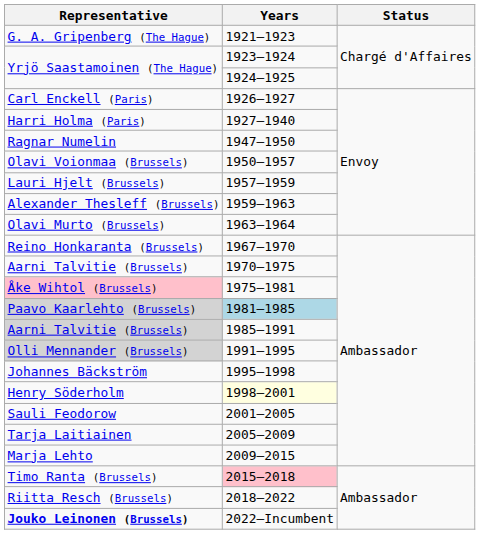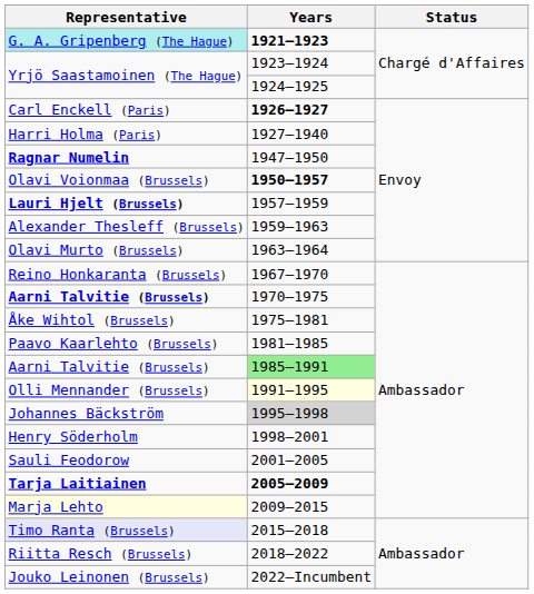 <table class="wikitable sortable">
 <tr>
 <th>Representative</th>
 <th>Years</th>
 <th>Status</th>
 </tr>
 <tr>
-<td><a href='#'>G. A. Gripenberg</a> <small>(<a href='#'>The Hague</a>)</small></td>
-<td>1921–1923</td>
+<td style="background: paleturquoise;"><a href='#'>G. A. Gripenberg</a> <small>(<a href='#'>The Hague</a>)</small></td>
+<td><strong>1921–1923</strong></td>
 <td rowspan="3">Chargé d'Affaires</td>
 </tr>
 <tr>
 <td rowspan="2"><a href='#'>Yrjö Saastamoinen</a> <small>(<a href='#'>The Hague</a>)</small></td>
 <td>1923–1924</td>
 </tr>
 <tr>
 <td>1924–1925</td>
 </tr>
 <tr>
 <td><a href='#'>Carl Enckell</a> <small>(<a href='#'>Paris</a>)</small></td>
-<td>1926–1927</td>
+<td><strong>1926–1927</strong></td>
 <td rowspan="7">Envoy</td>
 </tr>
 <tr>
 <td><a href='#'>Harri Holma</a> <small>(<a href='#'>Paris</a>)</small></td>
 <td>1927–1940</td>
 </tr>
 <tr>
-<td><a href='#'>Ragnar Numelin</a></td>
+<td><strong><a href='#'>Ragnar Numelin</a></strong></td>
 <td>1947–1950</td>
 </tr>
 <tr>
 <td><a href='#'>Olavi Voionmaa</a> <small>(<a href='#'>Brussels</a>)</small></td>
-<td>1950–1957</td>
+<td><strong>1950–1957</strong></td>
 </tr>
 <tr>
-<td><a href='#'>Lauri Hjelt</a> <small>(<a href='#'>Brussels</a>)</small></td>
+<td><strong><a href='#'>Lauri Hjelt</a> <small>(<a href='#'>Brussels</a>)</small></strong></td>
 <td>1957–1959</td>
 </tr>
 <tr>
 <td><a href='#'>Alexander Thesleff</a> <small>(<a href='#'>Brussels</a>)</small></td>
 <td>1959–1963</td>
 </tr>
 <tr>
 <td><a href='#'>Olavi Murto</a> <small>(<a href='#'>Brussels</a>)</small></td>
 <td>1963–1964</td>
 </tr>
 <tr>
 <td><a href='#'>Reino Honkaranta</a> <small>(<a href='#'>Brussels</a>)</small></td>
 <td>1967–1970</td>
 <td rowspan="11">Ambassador</td>
 </tr>
 <tr>
-<td><a href='#'>Aarni Talvitie</a> <small>(<a href='#'>Brussels</a>)</small></td>
+<td><strong><a href='#'>Aarni Talvitie</a> <small>(<a href='#'>Brussels</a>)</small></strong></td>
 <td>1970–1975</td>
 </tr>
 <tr>
-<td style="background: pink;"><a href='#'>Åke Wihtol</a> <small>(<a href='#'>Brussels</a>)</small></td>
+<td><a href='#'>Åke Wihtol</a> <small>(<a href='#'>Brussels</a>)</small></td>
 <td>1975–1981</td>
 </tr>
 <tr>
-<td style="background: lightgrey;"><a href='#'>Paavo Kaarlehto</a> <small>(<a href='#'>Brussels</a>)</small></td>
-<td style="background: lightblue;">1981–1985</td>
+<td><a href='#'>Paavo Kaarlehto</a> <small>(<a href='#'>Brussels</a>)</small></td>
+<td>1981–1985</td>
 </tr>
 <tr>
-<td style="background: lightgrey;"><a href='#'>Aarni Talvitie</a> <small>(<a href='#'>Brussels</a>)</small></td>
-<td>1985–1991</td>
+<td><a href='#'>Aarni Talvitie</a> <small>(<a href='#'>Brussels</a>)</small></td>
+<td style="background: lightgreen;">1985–1991</td>
 </tr>
 <tr>
-<td style="background: lightgrey;"><a href='#'>Olli Mennander</a> <small>(<a href='#'>Brussels</a>)</small></td>
-<td>1991–1995</td>
+<td><a href='#'>Olli Mennander</a> <small>(<a href='#'>Brussels</a>)</small></td>
+<td style="background: lightyellow;">1991–1995</td>
 </tr>
 <tr>
 <td><a href='#'>Johannes Bäckström</a></td>
-<td>1995–1998</td>
+<td style="background: lightgrey;">1995–1998</td>
 </tr>
 <tr>
 <td><a href='#'>Henry Söderholm</a></td>
-<td style="background: lightyellow;">1998–2001</td>
+<td>1998–2001</td>
 </tr>
 <tr>
 <td><a href='#'>Sauli Feodorow</a></td>
 <td>2001–2005</td>
 </tr>
 <tr>
-<td><a href='#'>Tarja Laitiainen</a></td>
-<td>2005–2009</td>
+<td><strong><a href='#'>Tarja Laitiainen</a></strong></td>
+<td><strong>2005–2009</strong></td>
 </tr>
 <tr>
-<td><a href='#'>Marja Lehto</a></td>
+<td style="background: lightyellow;"><a href='#'>Marja Lehto</a></td>
 <td>2009–2015</td>
 </tr>
 <tr>
-<td><a href='#'>Timo Ranta</a> <small>(<a href='#'>Brussels</a>)</small></td>
-<td style="background: pink;">2015–2018</td>
+<td style="background: lavender;"><a href='#'>Timo Ranta</a> <small>(<a href='#'>Brussels</a>)</small></td>
+<td>2015–2018</td>
 <td rowspan="11">Ambassador</td>
 </tr>
 <tr>
 <td><a href='#'>Riitta Resch</a> <small>(<a href='#'>Brussels</a>)</small></td>
 <td>2018–2022</td>
 </tr>
 <tr>
-<td><strong><a href='#'>Jouko Leinonen</a> <small>(<a href='#'>Brussels</a>)</small></strong></td>
+<td><a href='#'>Jouko Leinonen</a> <small>(<a href='#'>Brussels</a>)</small></td>
 <td>2022–Incumbent</td>
 </tr>
 </table>
